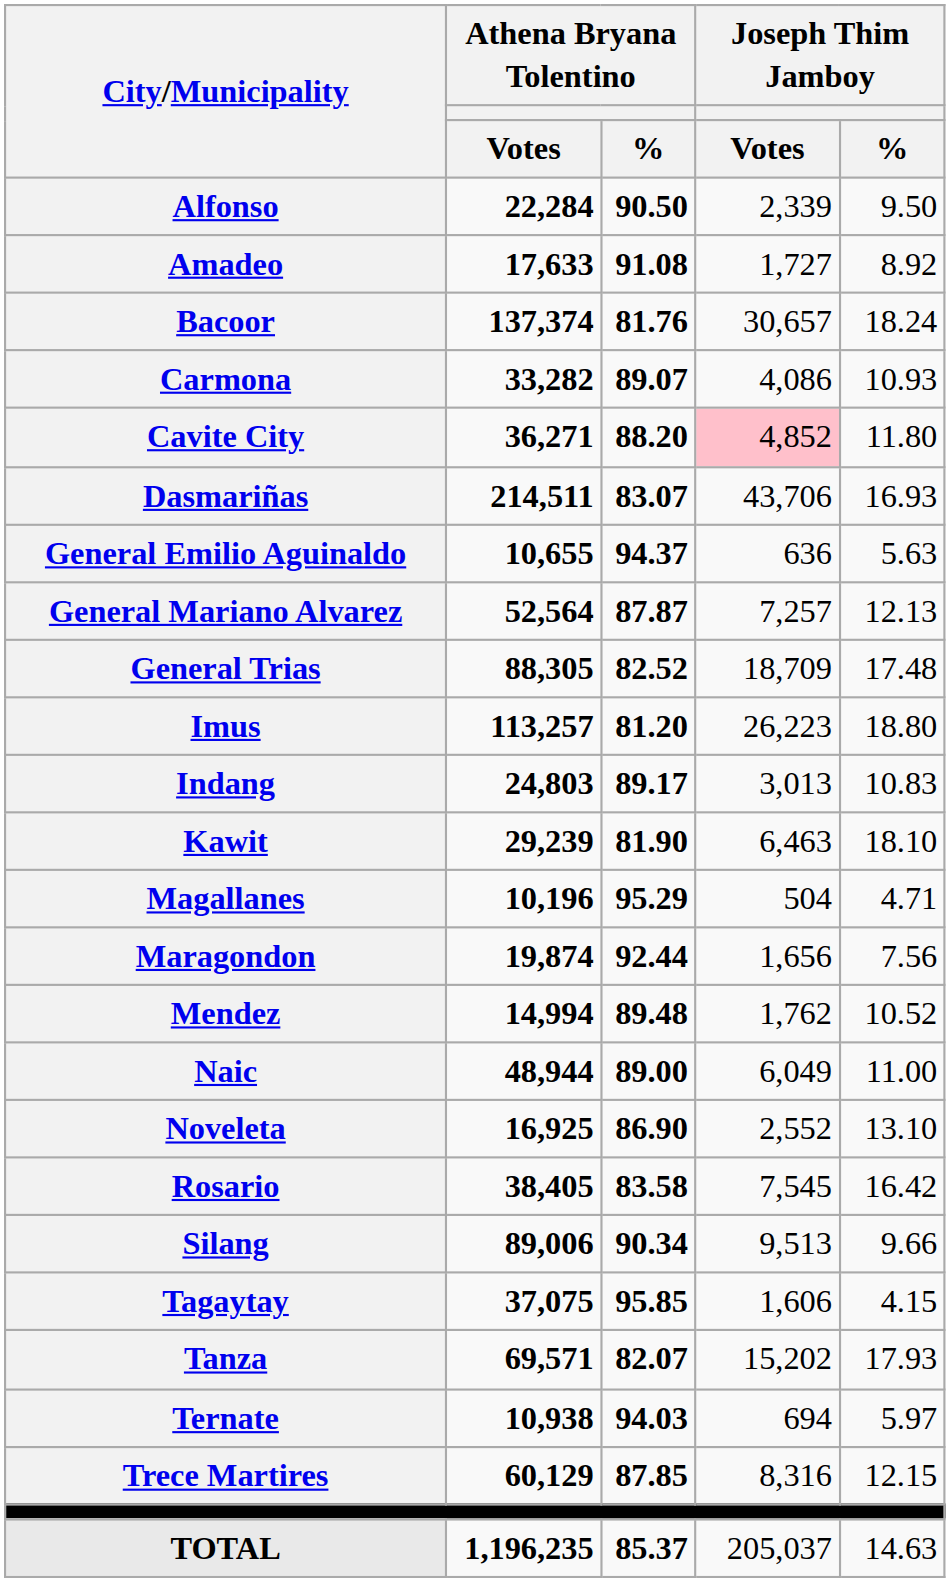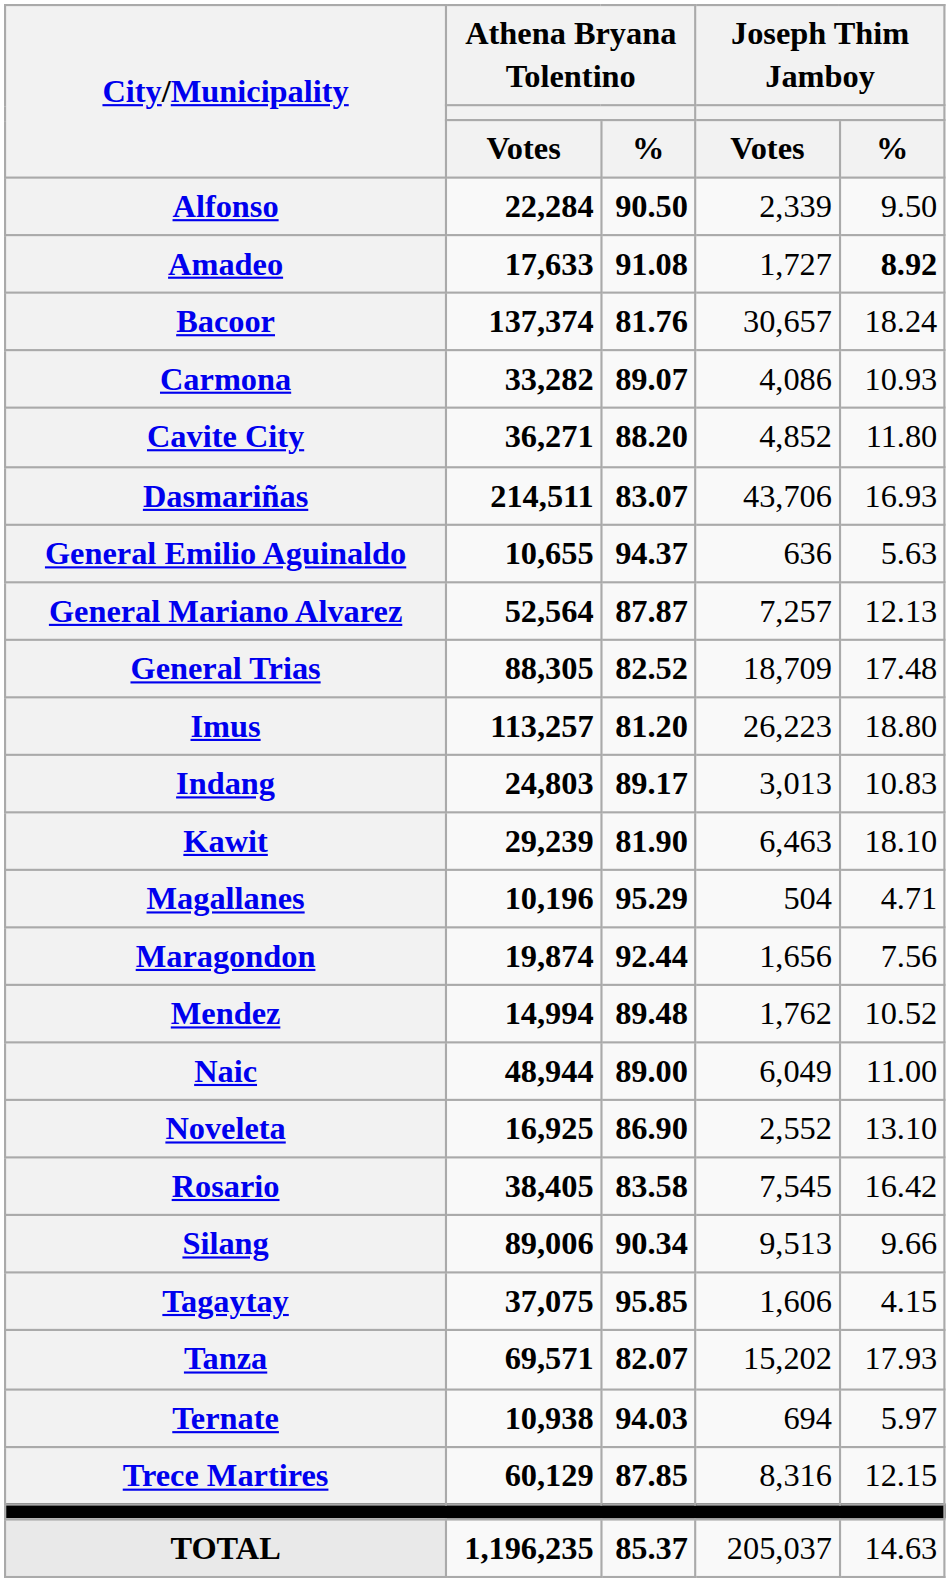 <table class="wikitable collapsible collapsed" style="text-align:right; font-size:95%; line-height:20px;">
 <tr>
 <th rowspan="3" width="200"><a href='#'>City</a>/<a href='#'>Municipality</a></th>
 <th colspan="2" width="110">Athena Bryana Tolentino</th>
 <th colspan="2" width="110">Joseph Thim Jamboy</th>
 </tr>
 <tr>
 <th colspan="2" style="background:"></th>
 <th colspan="2" style="background:"></th>
 </tr>
 <tr>
 <th>Votes</th>
 <th>%</th>
 <th>Votes</th>
 <th>%</th>
 </tr>
 <tr>
 <th scope="row"><a href='#'>Alfonso</a></th>
 <td style="background:"><strong>22,284</strong></td>
 <td style="background:"><strong>90.50</strong></td>
 <td>2,339</td>
 <td>9.50</td>
 </tr>
 <tr>
 <th scope="row"><a href='#'>Amadeo</a></th>
 <td style="background:"><strong>17,633</strong></td>
 <td style="background:"><strong>91.08</strong></td>
 <td>1,727</td>
-<td>8.92</td>
+<td><strong>8.92</strong></td>
 </tr>
 <tr>
 <th scope="row"><a href='#'>Bacoor</a></th>
 <td style="background:"><strong>137,374</strong></td>
 <td style="background:"><strong>81.76</strong></td>
 <td>30,657</td>
 <td>18.24</td>
 </tr>
 <tr>
 <th scope="row"><a href='#'>Carmona</a></th>
 <td style="background:"><strong>33,282</strong></td>
 <td style="background:"><strong>89.07</strong></td>
 <td>4,086</td>
 <td>10.93</td>
 </tr>
 <tr>
 <th scope="row"><a href='#'>Cavite City</a></th>
 <td style="background:"><strong>36,271</strong></td>
 <td style="background:"><strong>88.20</strong></td>
-<td style="background: pink;">4,852</td>
+<td>4,852</td>
 <td>11.80</td>
 </tr>
 <tr>
 <th scope="row"><a href='#'>Dasmariñas</a></th>
 <td style="background:"><strong>214,511</strong></td>
 <td style="background:"><strong>83.07</strong></td>
 <td>43,706</td>
 <td>16.93</td>
 </tr>
 <tr>
 <th scope="row"><a href='#'>General Emilio Aguinaldo</a></th>
 <td style="background:"><strong>10,655</strong></td>
 <td style="background:"><strong>94.37</strong></td>
 <td>636</td>
 <td>5.63</td>
 </tr>
 <tr>
 <th scope="row"><a href='#'>General Mariano Alvarez</a></th>
 <td style="background:"><strong>52,564</strong></td>
 <td style="background:"><strong>87.87</strong></td>
 <td>7,257</td>
 <td>12.13</td>
 </tr>
 <tr>
 <th scope="row"><a href='#'>General Trias</a></th>
 <td style="background:"><strong>88,305</strong></td>
 <td style="background:"><strong>82.52</strong></td>
 <td>18,709</td>
 <td>17.48</td>
 </tr>
 <tr>
 <th scope="row"><a href='#'>Imus</a></th>
 <td style="background:"><strong>113,257</strong></td>
 <td style="background:"><strong>81.20</strong></td>
 <td>26,223</td>
 <td>18.80</td>
 </tr>
 <tr>
 <th scope="row"><a href='#'>Indang</a></th>
 <td style="background:"><strong>24,803</strong></td>
 <td style="background:"><strong>89.17</strong></td>
 <td>3,013</td>
 <td>10.83</td>
 </tr>
 <tr>
 <th scope="row"><a href='#'>Kawit</a></th>
 <td style="background:"><strong>29,239</strong></td>
 <td style="background:"><strong>81.90</strong></td>
 <td>6,463</td>
 <td>18.10</td>
 </tr>
 <tr>
 <th scope="row"><a href='#'>Magallanes</a></th>
 <td style="background:"><strong>10,196</strong></td>
 <td style="background:"><strong>95.29</strong></td>
 <td>504</td>
 <td>4.71</td>
 </tr>
 <tr>
 <th scope="row"><a href='#'>Maragondon</a></th>
 <td style="background:"><strong>19,874</strong></td>
 <td style="background:"><strong>92.44</strong></td>
 <td>1,656</td>
 <td>7.56</td>
 </tr>
 <tr>
 <th scope="row"><a href='#'>Mendez</a></th>
 <td style="background:"><strong>14,994</strong></td>
 <td style="background:"><strong>89.48</strong></td>
 <td>1,762</td>
 <td>10.52</td>
 </tr>
 <tr>
 <th scope="row"><a href='#'>Naic</a></th>
 <td style="background:"><strong>48,944</strong></td>
 <td style="background:"><strong>89.00</strong></td>
 <td>6,049</td>
 <td>11.00</td>
 </tr>
 <tr>
 <th scope="row"><a href='#'>Noveleta</a></th>
 <td style="background:"><strong>16,925</strong></td>
 <td style="background:"><strong>86.90</strong></td>
 <td>2,552</td>
 <td>13.10</td>
 </tr>
 <tr>
 <th scope="row"><a href='#'>Rosario</a></th>
 <td style="background:"><strong>38,405</strong></td>
 <td style="background:"><strong>83.58</strong></td>
 <td>7,545</td>
 <td>16.42</td>
 </tr>
 <tr>
 <th scope="row"><a href='#'>Silang</a></th>
 <td style="background:"><strong>89,006</strong></td>
 <td style="background:"><strong>90.34</strong></td>
 <td>9,513</td>
 <td>9.66</td>
 </tr>
 <tr>
 <th scope="row"><a href='#'>Tagaytay</a></th>
 <td style="background:"><strong>37,075</strong></td>
 <td style="background:"><strong>95.85</strong></td>
 <td>1,606</td>
 <td>4.15</td>
 </tr>
 <tr>
 <th scope="row"><a href='#'>Tanza</a></th>
 <td style="background:"><strong>69,571</strong></td>
 <td style="background:"><strong>82.07</strong></td>
 <td>15,202</td>
 <td>17.93</td>
 </tr>
 <tr>
 <th scope="row"><a href='#'>Ternate</a></th>
 <td style="background:"><strong>10,938</strong></td>
 <td style="background:"><strong>94.03</strong></td>
 <td>694</td>
 <td>5.97</td>
 </tr>
 <tr>
 <th scope="row"><a href='#'>Trece Martires</a></th>
 <td style="background:"><strong>60,129</strong></td>
 <td style="background:"><strong>87.85</strong></td>
 <td>8,316</td>
 <td>12.15</td>
 </tr>
 <tr>
 <td colspan=5 bgcolor=black></td>
 </tr>
 <tr>
 <td style="background:#E9E9E9;" align="center"><strong>TOTAL</strong></td>
 <td style="background:"><strong>1,196,235</strong></td>
 <td style="background:"><strong>85.37</strong></td>
 <td>205,037</td>
 <td>14.63</td>
 </tr>
 </table>
